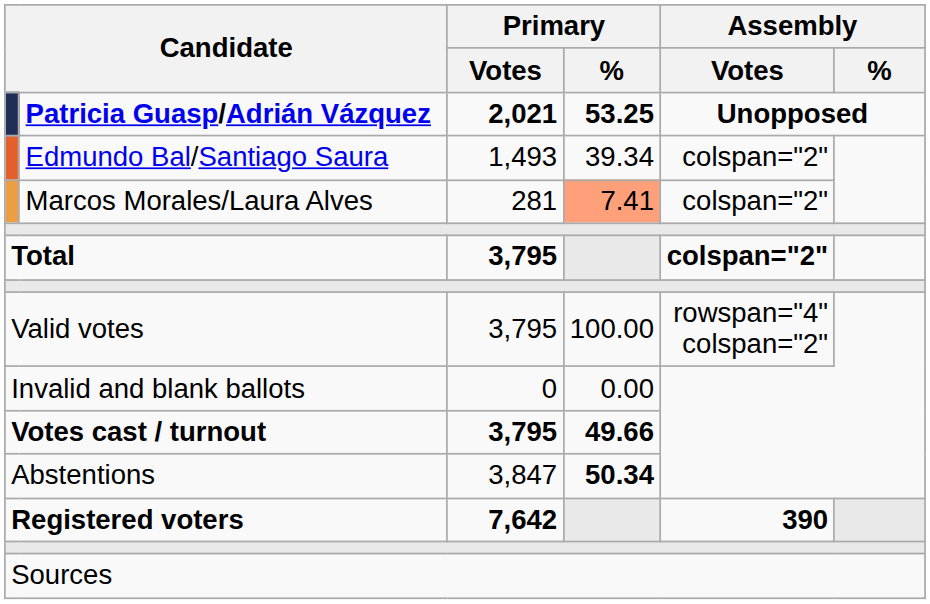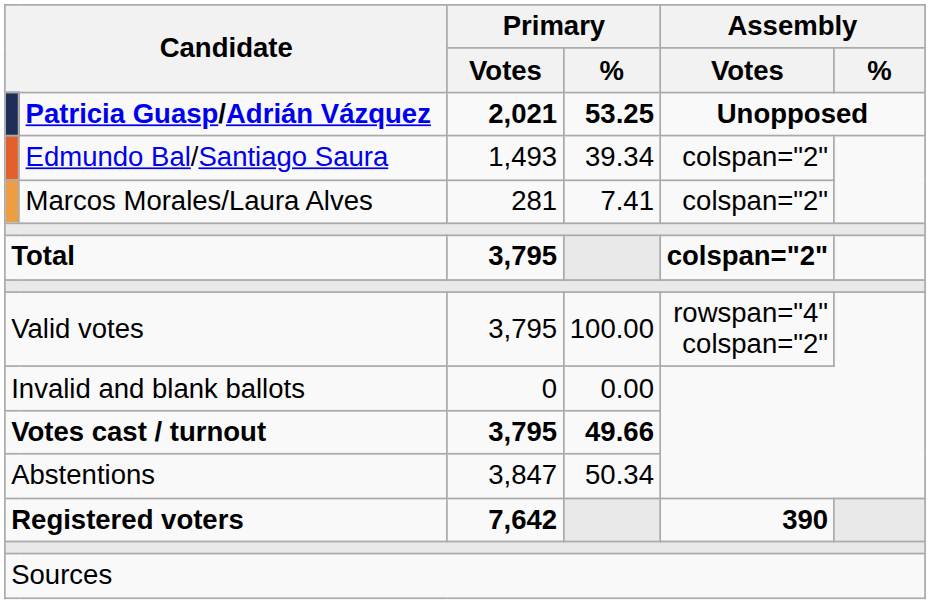 <table class="wikitable" style="text-align:right;">
 <tr>
 <th colspan="2" rowspan="2" width="250">Candidate</th>
 <th colspan="2">Primary</th>
 <th colspan="2">Assembly</th>
 </tr>
 <tr>
 <th width="60">Votes</th>
 <th width="45">%</th>
 <th width="50">Votes</th>
 <th width="45">%</th>
 </tr>
 <tr>
 <td width="1" style="color:inherit;background:#1F2D57"></td>
 <td align="left"><strong><a href='#'>Patricia Guasp</a>/<a href='#'>Adrián Vázquez</a></strong></td>
 <td><strong>2,021</strong></td>
 <td><strong>53.25</strong></td>
 <td colspan="2" align="center"><strong>Unopposed</strong></td>
 </tr>
 <tr>
 <td style="color:inherit;background:#E35F2B"></td>
 <td align="left"><a href='#'>Edmundo Bal</a>/<a href='#'>Santiago Saura</a></td>
 <td>1,493</td>
 <td>39.34</td>
 <td>colspan="2" </td>
 </tr>
 <tr>
 <td style="color:inherit;background:#ED9E43"></td>
 <td align="left">Marcos Morales/Laura Alves</td>
 <td>281</td>
-<td style="background: lightsalmon;">7.41</td>
+<td>7.41</td>
 <td>colspan="2" </td>
 </tr>
 <tr>
 <td colspan="6" bgcolor="#E9E9E9"></td>
 </tr>
 <tr style="font-weight:bold;">
 <td colspan="2" align="left">Total</td>
 <td>3,795</td>
 <td bgcolor="#E9E9E9"></td>
 <td>colspan="2" </td>
 </tr>
 <tr>
 <td colspan="6" bgcolor="#E9E9E9"></td>
 </tr>
 <tr>
 <td colspan="2" align="left">Valid votes</td>
 <td>3,795</td>
 <td>100.00</td>
 <td>rowspan="4" colspan="2" </td>
 </tr>
 <tr>
 <td colspan="2" align="left">Invalid and blank ballots</td>
 <td>0</td>
 <td>0.00</td>
 </tr>
 <tr style="font-weight:bold;">
 <td colspan="2" align="left">Votes cast / turnout</td>
 <td>3,795</td>
 <td>49.66</td>
 </tr>
 <tr>
 <td colspan="2" align="left">Abstentions</td>
 <td>3,847</td>
-<td><strong>50.34</strong></td>
+<td>50.34</td>
 </tr>
 <tr style="font-weight:bold;">
 <td colspan="2" align="left">Registered voters</td>
 <td>7,642</td>
 <td bgcolor="#E9E9E9"></td>
 <td>390</td>
 <td bgcolor="#E9E9E9"></td>
 </tr>
 <tr>
 <td colspan="6" bgcolor="#E9E9E9"></td>
 </tr>
 <tr>
 <td colspan="6" align="left">Sources</td>
 </tr>
 </table>
